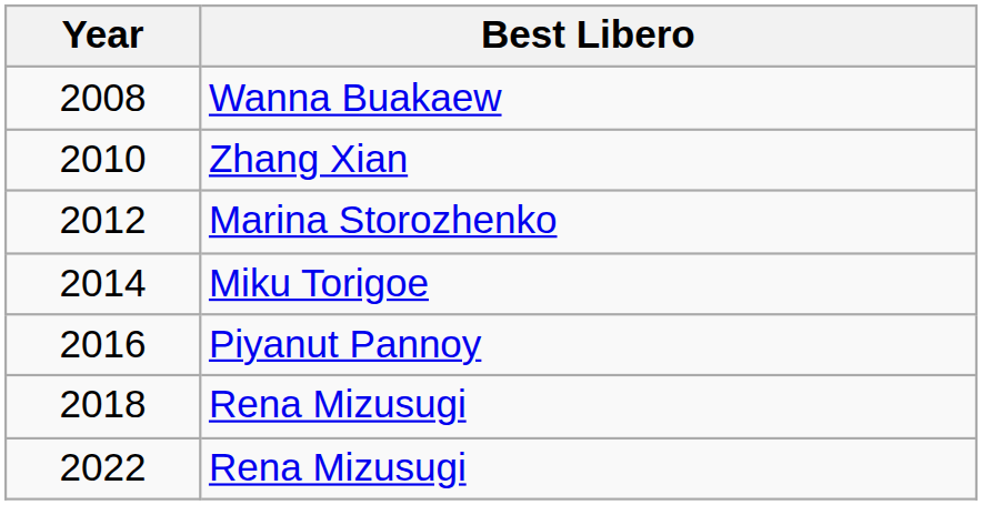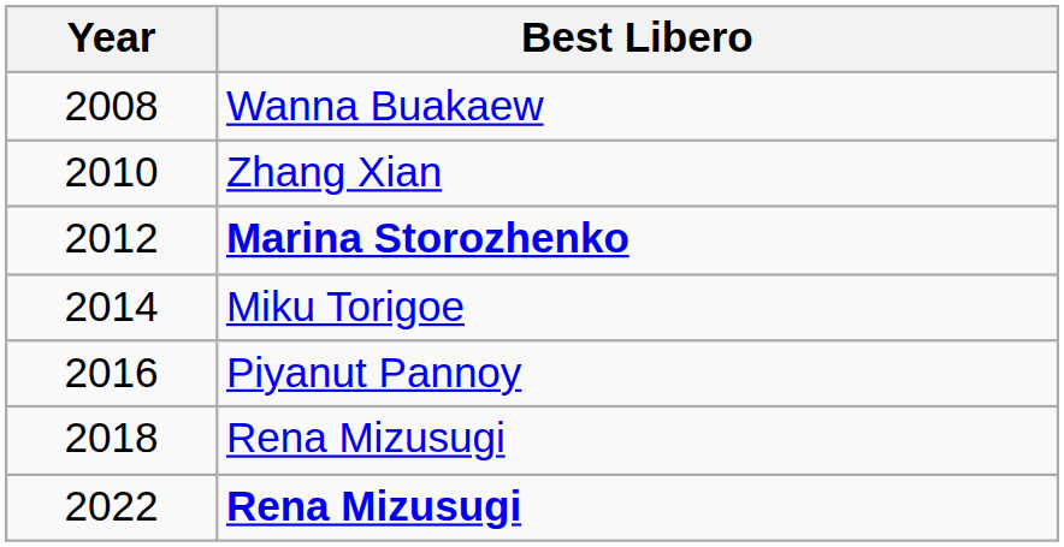 <table class="wikitable" style="width: 400px;">
 <tr>
 <th style="width: 20%;">Year</th>
 <th style="width: 80%;">Best Libero</th>
 </tr>
 <tr>
 <td align=center>2008</td>
 <td> <a href='#'>Wanna Buakaew</a></td>
 </tr>
 <tr>
 <td align=center>2010</td>
 <td> <a href='#'>Zhang Xian</a></td>
 </tr>
 <tr>
 <td align=center>2012</td>
-<td> <a href='#'>Marina Storozhenko</a></td>
+<td><strong> <a href='#'>Marina Storozhenko</a></strong></td>
 </tr>
 <tr>
 <td align=center>2014</td>
 <td> <a href='#'>Miku Torigoe</a></td>
 </tr>
 <tr>
 <td align=center>2016</td>
 <td> <a href='#'>Piyanut Pannoy</a></td>
 </tr>
 <tr>
 <td align=center>2018</td>
 <td> <a href='#'>Rena Mizusugi</a></td>
 </tr>
 <tr>
 <td align=center>2022</td>
-<td> <a href='#'>Rena Mizusugi</a></td>
+<td><strong> <a href='#'>Rena Mizusugi</a></strong></td>
 </tr>
 </table>
